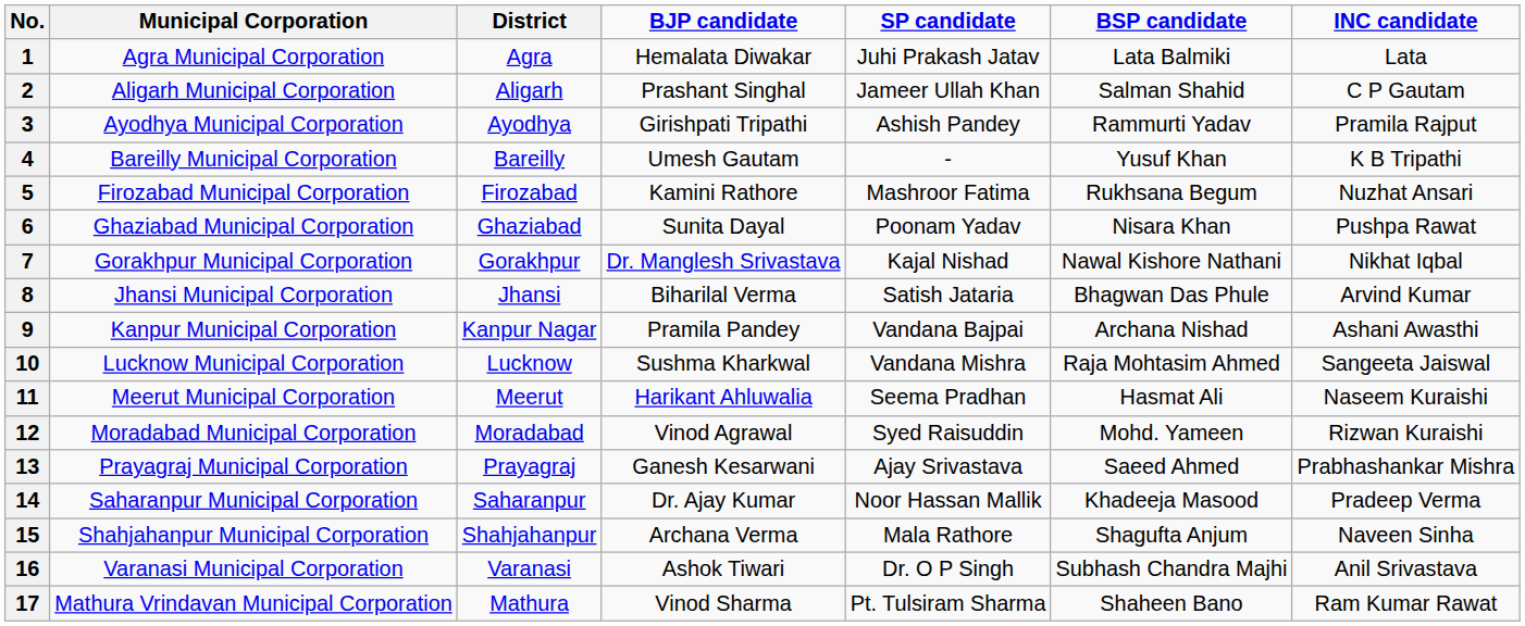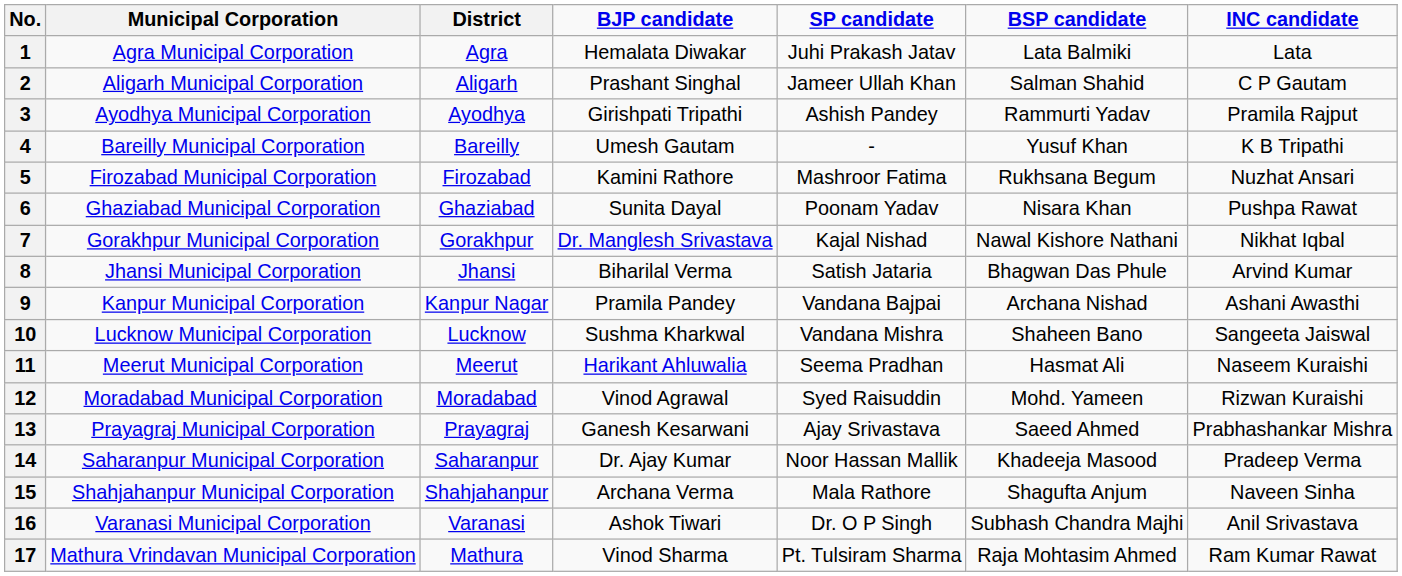 <table class="wikitable sortable" style="text-align:center">
 <tr>
 <th align="Centre">No.</th>
 <th align="Centre">Municipal Corporation</th>
 <th align="Centre">District</th>
 <td><a href='#'><span><strong>BJP candidate</strong></span></a></td>
 <td><a href='#'><span><strong>SP candidate</strong></span></a></td>
 <td><a href='#'><span><strong>BSP candidate</strong></span></a></td>
 <td><a href='#'><span><strong>INC candidate</strong></span></a></td>
 </tr>
 <tr>
 <th>1</th>
 <td><a href='#'>Agra Municipal Corporation</a></td>
 <td><a href='#'>Agra</a></td>
 <td>Hemalata Diwakar</td>
 <td>Juhi Prakash Jatav</td>
 <td>Lata Balmiki</td>
 <td>Lata</td>
 </tr>
 <tr>
 <th>2</th>
 <td><a href='#'>Aligarh Municipal Corporation</a></td>
 <td><a href='#'>Aligarh</a></td>
 <td>Prashant Singhal</td>
 <td>Jameer Ullah Khan</td>
 <td>Salman Shahid</td>
 <td>C P Gautam</td>
 </tr>
 <tr>
 <th>3</th>
 <td><a href='#'>Ayodhya Municipal Corporation</a></td>
 <td><a href='#'>Ayodhya</a></td>
 <td>Girishpati Tripathi</td>
 <td>Ashish Pandey</td>
 <td>Rammurti Yadav</td>
 <td>Pramila Rajput</td>
 </tr>
 <tr>
 <th>4</th>
 <td><a href='#'>Bareilly Municipal Corporation</a></td>
 <td><a href='#'>Bareilly</a></td>
 <td>Umesh Gautam</td>
 <td>-</td>
 <td>Yusuf Khan</td>
 <td>K B Tripathi</td>
 </tr>
 <tr>
 <th>5</th>
 <td><a href='#'>Firozabad Municipal Corporation</a></td>
 <td><a href='#'>Firozabad</a></td>
 <td>Kamini Rathore</td>
 <td>Mashroor Fatima</td>
 <td>Rukhsana Begum</td>
 <td>Nuzhat Ansari</td>
 </tr>
 <tr>
 <th>6</th>
 <td><a href='#'>Ghaziabad Municipal Corporation</a></td>
 <td><a href='#'>Ghaziabad</a></td>
 <td>Sunita Dayal</td>
 <td>Poonam Yadav</td>
 <td>Nisara Khan</td>
 <td>Pushpa Rawat</td>
 </tr>
 <tr>
 <th>7</th>
 <td><a href='#'>Gorakhpur Municipal Corporation</a></td>
 <td><a href='#'>Gorakhpur</a></td>
 <td><a href='#'>Dr. Manglesh Srivastava</a></td>
 <td>Kajal Nishad</td>
 <td>Nawal Kishore Nathani</td>
 <td>Nikhat Iqbal</td>
 </tr>
 <tr>
 <th>8</th>
 <td><a href='#'>Jhansi Municipal Corporation</a></td>
 <td><a href='#'>Jhansi</a></td>
 <td>Biharilal Verma</td>
 <td>Satish Jataria</td>
 <td>Bhagwan Das Phule</td>
 <td>Arvind Kumar</td>
 </tr>
 <tr>
 <th>9</th>
 <td><a href='#'>Kanpur Municipal Corporation</a></td>
 <td><a href='#'>Kanpur Nagar</a></td>
 <td>Pramila Pandey</td>
 <td>Vandana Bajpai</td>
 <td>Archana Nishad</td>
 <td>Ashani Awasthi</td>
 </tr>
 <tr>
 <th>10</th>
 <td><a href='#'>Lucknow Municipal Corporation</a></td>
 <td><a href='#'>Lucknow</a></td>
 <td>Sushma Kharkwal</td>
 <td>Vandana Mishra</td>
-<td>Raja Mohtasim Ahmed</td>
+<td>Shaheen Bano</td>
 <td>Sangeeta Jaiswal</td>
 </tr>
 <tr>
 <th>11</th>
 <td><a href='#'>Meerut Municipal Corporation</a></td>
 <td><a href='#'>Meerut</a></td>
 <td><a href='#'>Harikant Ahluwalia</a></td>
 <td>Seema Pradhan</td>
 <td>Hasmat Ali</td>
 <td>Naseem Kuraishi</td>
 </tr>
 <tr>
 <th>12</th>
 <td><a href='#'>Moradabad Municipal Corporation</a></td>
 <td><a href='#'>Moradabad</a></td>
 <td>Vinod Agrawal</td>
 <td>Syed Raisuddin</td>
 <td>Mohd. Yameen</td>
 <td>Rizwan Kuraishi</td>
 </tr>
 <tr>
 <th>13</th>
 <td><a href='#'>Prayagraj Municipal Corporation</a></td>
 <td><a href='#'>Prayagraj</a></td>
 <td>Ganesh Kesarwani</td>
 <td>Ajay Srivastava</td>
 <td>Saeed Ahmed</td>
 <td>Prabhashankar Mishra</td>
 </tr>
 <tr>
 <th>14</th>
 <td><a href='#'>Saharanpur Municipal Corporation</a></td>
 <td><a href='#'>Saharanpur</a></td>
 <td>Dr. Ajay Kumar</td>
 <td>Noor Hassan Mallik</td>
 <td>Khadeeja Masood</td>
 <td>Pradeep Verma</td>
 </tr>
 <tr>
 <th>15</th>
 <td><a href='#'>Shahjahanpur Municipal Corporation</a></td>
 <td><a href='#'>Shahjahanpur</a></td>
 <td>Archana Verma</td>
 <td>Mala Rathore</td>
 <td>Shagufta Anjum</td>
 <td>Naveen Sinha</td>
 </tr>
 <tr>
 <th>16</th>
 <td><a href='#'>Varanasi Municipal Corporation</a></td>
 <td><a href='#'>Varanasi</a></td>
 <td>Ashok Tiwari</td>
 <td>Dr. O P Singh</td>
 <td>Subhash Chandra Majhi</td>
 <td>Anil Srivastava</td>
 </tr>
 <tr>
 <th>17</th>
 <td><a href='#'>Mathura Vrindavan Municipal Corporation</a></td>
 <td><a href='#'>Mathura</a></td>
 <td>Vinod Sharma</td>
 <td>Pt. Tulsiram Sharma</td>
-<td>Shaheen Bano</td>
+<td>Raja Mohtasim Ahmed</td>
 <td>Ram Kumar Rawat</td>
 </tr>
 </table>
